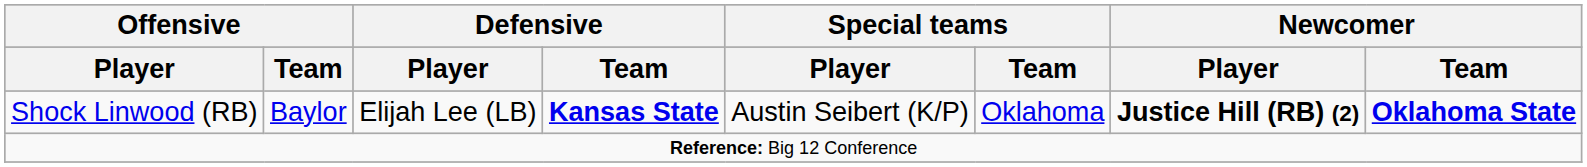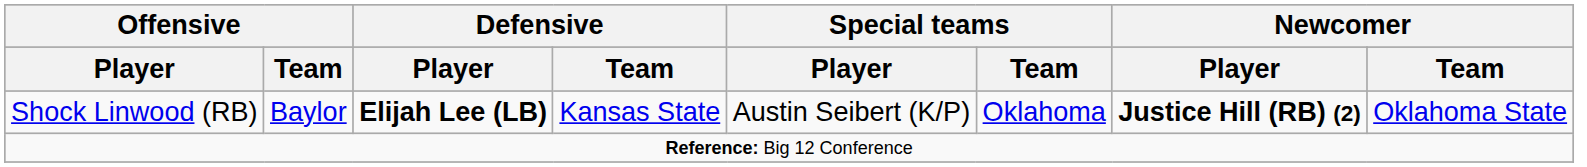 <table class="wikitable">
 <tr>
 <th colspan="2">Offensive</th>
 <th colspan="2">Defensive</th>
 <th colspan="2">Special teams</th>
 <th colspan="2">Newcomer</th>
 </tr>
 <tr>
 <th>Player</th>
 <th>Team</th>
 <th>Player</th>
 <th>Team</th>
 <th>Player</th>
 <th>Team</th>
 <th>Player</th>
 <th>Team</th>
 </tr>
 <tr>
 <td><a href='#'>Shock Linwood</a> (RB)</td>
 <td><a href='#'>Baylor</a></td>
-<td>Elijah Lee (LB)</td>
-<td><strong><a href='#'>Kansas State</a></strong></td>
+<td><strong>Elijah Lee (LB)</strong></td>
+<td><a href='#'>Kansas State</a></td>
 <td>Austin Seibert (K/P)</td>
 <td><a href='#'>Oklahoma</a></td>
 <td><strong>Justice Hill (RB) <small>(2)</small></strong></td>
-<td><strong><a href='#'>Oklahoma State</a></strong></td>
+<td><a href='#'>Oklahoma State</a></td>
 </tr>
 <tr>
 <td colspan="12"  style="font-size:8pt; text-align:center;"><strong>Reference:</strong> Big 12 Conference</td>
 </tr>
 </table>
